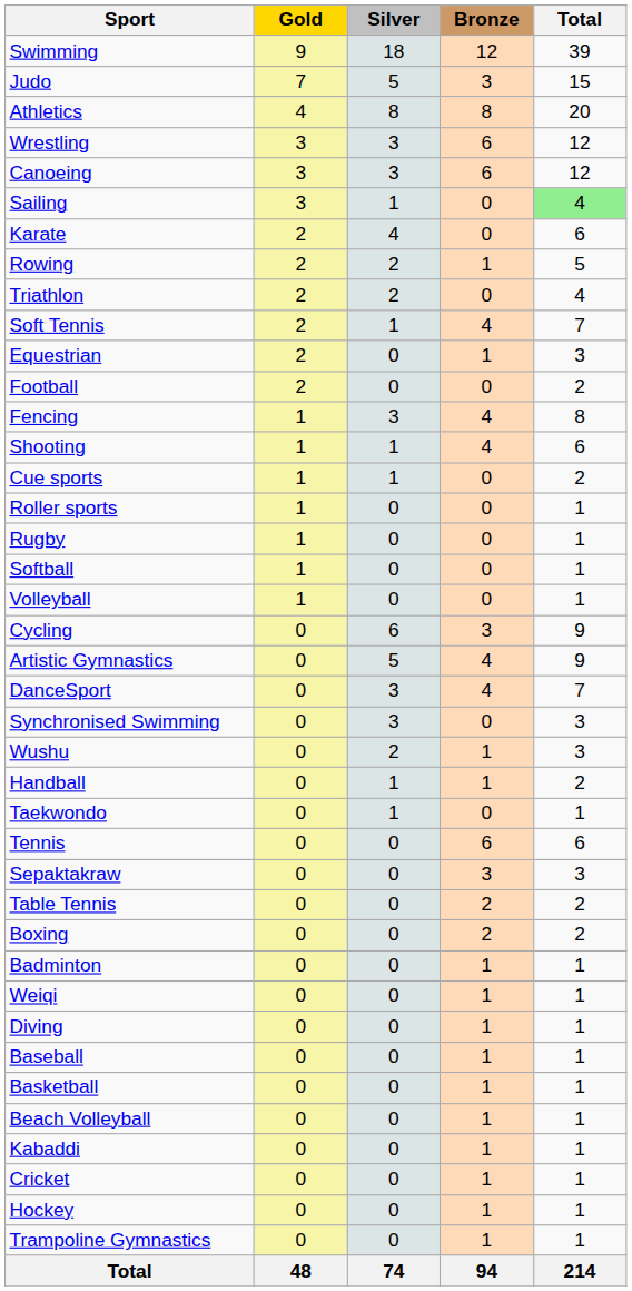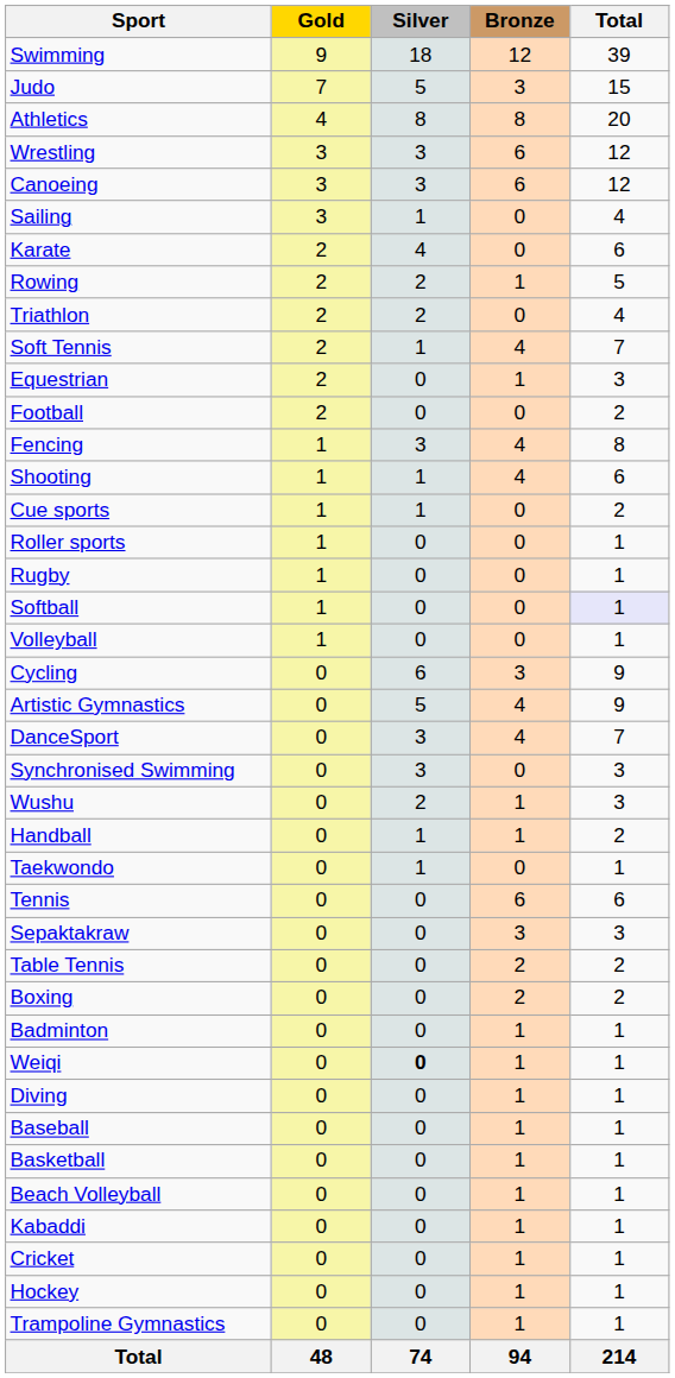 <table class="wikitable sortable" style="text-align:center;">
 <tr>
 <th width=200>Sport</th>
 <td bgcolor=gold width=70><strong>Gold</strong></td>
 <td bgcolor=silver width=70><strong>Silver</strong></td>
 <td bgcolor=#cc9966 width=70><strong>Bronze</strong></td>
 <th width=70>Total</th>
 </tr>
 <tr>
 <td align=left><a href='#'>Swimming</a></td>
 <td bgcolor=#f7f6a8>9</td>
 <td bgcolor=#dce5e5>18</td>
 <td bgcolor=#ffdab9>12</td>
 <td>39</td>
 </tr>
 <tr>
 <td align=left><a href='#'>Judo</a></td>
 <td bgcolor=#f7f6a8>7</td>
 <td bgcolor=#dce5e5>5</td>
 <td bgcolor=#ffdab9>3</td>
 <td>15</td>
 </tr>
 <tr>
 <td align=left><a href='#'>Athletics</a></td>
 <td bgcolor=#f7f6a8>4</td>
 <td bgcolor=#dce5e5>8</td>
 <td bgcolor=#ffdab9>8</td>
 <td>20</td>
 </tr>
 <tr>
 <td align=left><a href='#'>Wrestling</a></td>
 <td bgcolor=#f7f6a8>3</td>
 <td bgcolor=#dce5e5>3</td>
 <td bgcolor=#ffdab9>6</td>
 <td>12</td>
 </tr>
 <tr>
 <td align=left><a href='#'>Canoeing</a></td>
 <td bgcolor=#f7f6a8>3</td>
 <td bgcolor=#dce5e5>3</td>
 <td bgcolor=#ffdab9>6</td>
 <td>12</td>
 </tr>
 <tr>
 <td align=left><a href='#'>Sailing</a></td>
 <td bgcolor=#f7f6a8>3</td>
 <td bgcolor=#dce5e5>1</td>
 <td bgcolor=#ffdab9>0</td>
-<td style="background: lightgreen;">4</td>
+<td>4</td>
 </tr>
 <tr>
 <td align=left><a href='#'>Karate</a></td>
 <td bgcolor=#f7f6a8>2</td>
 <td bgcolor=#dce5e5>4</td>
 <td bgcolor=#ffdab9>0</td>
 <td>6</td>
 </tr>
 <tr>
 <td align=left><a href='#'>Rowing</a></td>
 <td bgcolor=#f7f6a8>2</td>
 <td bgcolor=#dce5e5>2</td>
 <td bgcolor=#ffdab9>1</td>
 <td>5</td>
 </tr>
 <tr>
 <td align=left><a href='#'>Triathlon</a></td>
 <td bgcolor=#f7f6a8>2</td>
 <td bgcolor=#dce5e5>2</td>
 <td bgcolor=#ffdab9>0</td>
 <td>4</td>
 </tr>
 <tr>
 <td align=left><a href='#'>Soft Tennis</a></td>
 <td bgcolor=#f7f6a8>2</td>
 <td bgcolor=#dce5e5>1</td>
 <td bgcolor=#ffdab9>4</td>
 <td>7</td>
 </tr>
 <tr>
 <td align=left><a href='#'>Equestrian</a></td>
 <td bgcolor=#f7f6a8>2</td>
 <td bgcolor=#dce5e5>0</td>
 <td bgcolor=#ffdab9>1</td>
 <td>3</td>
 </tr>
 <tr>
 <td align=left><a href='#'>Football</a></td>
 <td bgcolor=#f7f6a8>2</td>
 <td bgcolor=#dce5e5>0</td>
 <td bgcolor=#ffdab9>0</td>
 <td>2</td>
 </tr>
 <tr>
 <td align=left><a href='#'>Fencing</a></td>
 <td bgcolor=#f7f6a8>1</td>
 <td bgcolor=#dce5e5>3</td>
 <td bgcolor=#ffdab9>4</td>
 <td>8</td>
 </tr>
 <tr>
 <td align=left><a href='#'>Shooting</a></td>
 <td bgcolor=#f7f6a8>1</td>
 <td bgcolor=#dce5e5>1</td>
 <td bgcolor=#ffdab9>4</td>
 <td>6</td>
 </tr>
 <tr>
 <td align=left><a href='#'>Cue sports</a></td>
 <td bgcolor=#f7f6a8>1</td>
 <td bgcolor=#dce5e5>1</td>
 <td bgcolor=#ffdab9>0</td>
 <td>2</td>
 </tr>
 <tr>
 <td align=left><a href='#'>Roller sports</a></td>
 <td bgcolor=#f7f6a8>1</td>
 <td bgcolor=#dce5e5>0</td>
 <td bgcolor=#ffdab9>0</td>
 <td>1</td>
 </tr>
 <tr>
 <td align=left><a href='#'>Rugby</a></td>
 <td bgcolor=#f7f6a8>1</td>
 <td bgcolor=#dce5e5>0</td>
 <td bgcolor=#ffdab9>0</td>
 <td>1</td>
 </tr>
 <tr>
 <td align=left><a href='#'>Softball</a></td>
 <td bgcolor=#f7f6a8>1</td>
 <td bgcolor=#dce5e5>0</td>
 <td bgcolor=#ffdab9>0</td>
-<td>1</td>
+<td style="background: lavender;">1</td>
 </tr>
 <tr>
 <td align=left><a href='#'>Volleyball</a></td>
 <td bgcolor=#f7f6a8>1</td>
 <td bgcolor=#dce5e5>0</td>
 <td bgcolor=#ffdab9>0</td>
 <td>1</td>
 </tr>
 <tr>
 <td align=left><a href='#'>Cycling</a></td>
 <td bgcolor=#f7f6a8>0</td>
 <td bgcolor=#dce5e5>6</td>
 <td bgcolor=#ffdab9>3</td>
 <td>9</td>
 </tr>
 <tr>
 <td align=left><a href='#'>Artistic Gymnastics</a></td>
 <td bgcolor=#f7f6a8>0</td>
 <td bgcolor=#dce5e5>5</td>
 <td bgcolor=#ffdab9>4</td>
 <td>9</td>
 </tr>
 <tr>
 <td align=left><a href='#'>DanceSport</a></td>
 <td bgcolor=#f7f6a8>0</td>
 <td bgcolor=#dce5e5>3</td>
 <td bgcolor=#ffdab9>4</td>
 <td>7</td>
 </tr>
 <tr>
 <td align=left><a href='#'>Synchronised Swimming</a></td>
 <td bgcolor=#f7f6a8>0</td>
 <td bgcolor=#dce5e5>3</td>
 <td bgcolor=#ffdab9>0</td>
 <td>3</td>
 </tr>
 <tr>
 <td align=left><a href='#'>Wushu</a></td>
 <td bgcolor=#f7f6a8>0</td>
 <td bgcolor=#dce5e5>2</td>
 <td bgcolor=#ffdab9>1</td>
 <td>3</td>
 </tr>
 <tr>
 <td align=left><a href='#'>Handball</a></td>
 <td bgcolor=#f7f6a8>0</td>
 <td bgcolor=#dce5e5>1</td>
 <td bgcolor=#ffdab9>1</td>
 <td>2</td>
 </tr>
 <tr>
 <td align=left><a href='#'>Taekwondo</a></td>
 <td bgcolor=#f7f6a8>0</td>
 <td bgcolor=#dce5e5>1</td>
 <td bgcolor=#ffdab9>0</td>
 <td>1</td>
 </tr>
 <tr>
 <td align=left><a href='#'>Tennis</a></td>
 <td bgcolor=#f7f6a8>0</td>
 <td bgcolor=#dce5e5>0</td>
 <td bgcolor=#ffdab9>6</td>
 <td>6</td>
 </tr>
 <tr>
 <td align=left><a href='#'>Sepaktakraw</a></td>
 <td bgcolor=#f7f6a8>0</td>
 <td bgcolor=#dce5e5>0</td>
 <td bgcolor=#ffdab9>3</td>
 <td>3</td>
 </tr>
 <tr>
 <td align=left><a href='#'>Table Tennis</a></td>
 <td bgcolor=#f7f6a8>0</td>
 <td bgcolor=#dce5e5>0</td>
 <td bgcolor=#ffdab9>2</td>
 <td>2</td>
 </tr>
 <tr>
 <td align=left><a href='#'>Boxing</a></td>
 <td bgcolor=#f7f6a8>0</td>
 <td bgcolor=#dce5e5>0</td>
 <td bgcolor=#ffdab9>2</td>
 <td>2</td>
 </tr>
 <tr>
 <td align=left><a href='#'>Badminton</a></td>
 <td bgcolor=#f7f6a8>0</td>
 <td bgcolor=#dce5e5>0</td>
 <td bgcolor=#ffdab9>1</td>
 <td>1</td>
 </tr>
 <tr>
 <td align=left><a href='#'>Weiqi</a></td>
 <td bgcolor=#f7f6a8>0</td>
-<td bgcolor=#dce5e5>0</td>
+<td bgcolor=#dce5e5><strong>0</strong></td>
 <td bgcolor=#ffdab9>1</td>
 <td>1</td>
 </tr>
 <tr>
 <td align=left><a href='#'>Diving</a></td>
 <td bgcolor=#f7f6a8>0</td>
 <td bgcolor=#dce5e5>0</td>
 <td bgcolor=#ffdab9>1</td>
 <td>1</td>
 </tr>
 <tr>
 <td align=left><a href='#'>Baseball</a></td>
 <td bgcolor=#f7f6a8>0</td>
 <td bgcolor=#dce5e5>0</td>
 <td bgcolor=#ffdab9>1</td>
 <td>1</td>
 </tr>
 <tr>
 <td align=left><a href='#'>Basketball</a></td>
 <td bgcolor=#f7f6a8>0</td>
 <td bgcolor=#dce5e5>0</td>
 <td bgcolor=#ffdab9>1</td>
 <td>1</td>
 </tr>
 <tr>
 <td align=left><a href='#'>Beach Volleyball</a></td>
 <td bgcolor=#f7f6a8>0</td>
 <td bgcolor=#dce5e5>0</td>
 <td bgcolor=#ffdab9>1</td>
 <td>1</td>
 </tr>
 <tr>
 <td align=left><a href='#'>Kabaddi</a></td>
 <td bgcolor=#f7f6a8>0</td>
 <td bgcolor=#dce5e5>0</td>
 <td bgcolor=#ffdab9>1</td>
 <td>1</td>
 </tr>
 <tr>
 <td align=left><a href='#'>Cricket</a></td>
 <td bgcolor=#f7f6a8>0</td>
 <td bgcolor=#dce5e5>0</td>
 <td bgcolor=#ffdab9>1</td>
 <td>1</td>
 </tr>
 <tr>
 <td align=left><a href='#'>Hockey</a></td>
 <td bgcolor=#f7f6a8>0</td>
 <td bgcolor=#dce5e5>0</td>
 <td bgcolor=#ffdab9>1</td>
 <td>1</td>
 </tr>
 <tr>
 <td align=left><a href='#'>Trampoline Gymnastics</a></td>
 <td bgcolor=#f7f6a8>0</td>
 <td bgcolor=#dce5e5>0</td>
 <td bgcolor=#ffdab9>1</td>
 <td>1</td>
 </tr>
 <tr>
 <th>Total</th>
 <th bgcolor=#f7f6a8>48</th>
 <th bgcolor=#dce5e5>74</th>
 <th bgcolor=#ffdab9>94</th>
 <th>214</th>
 </tr>
 </table>
